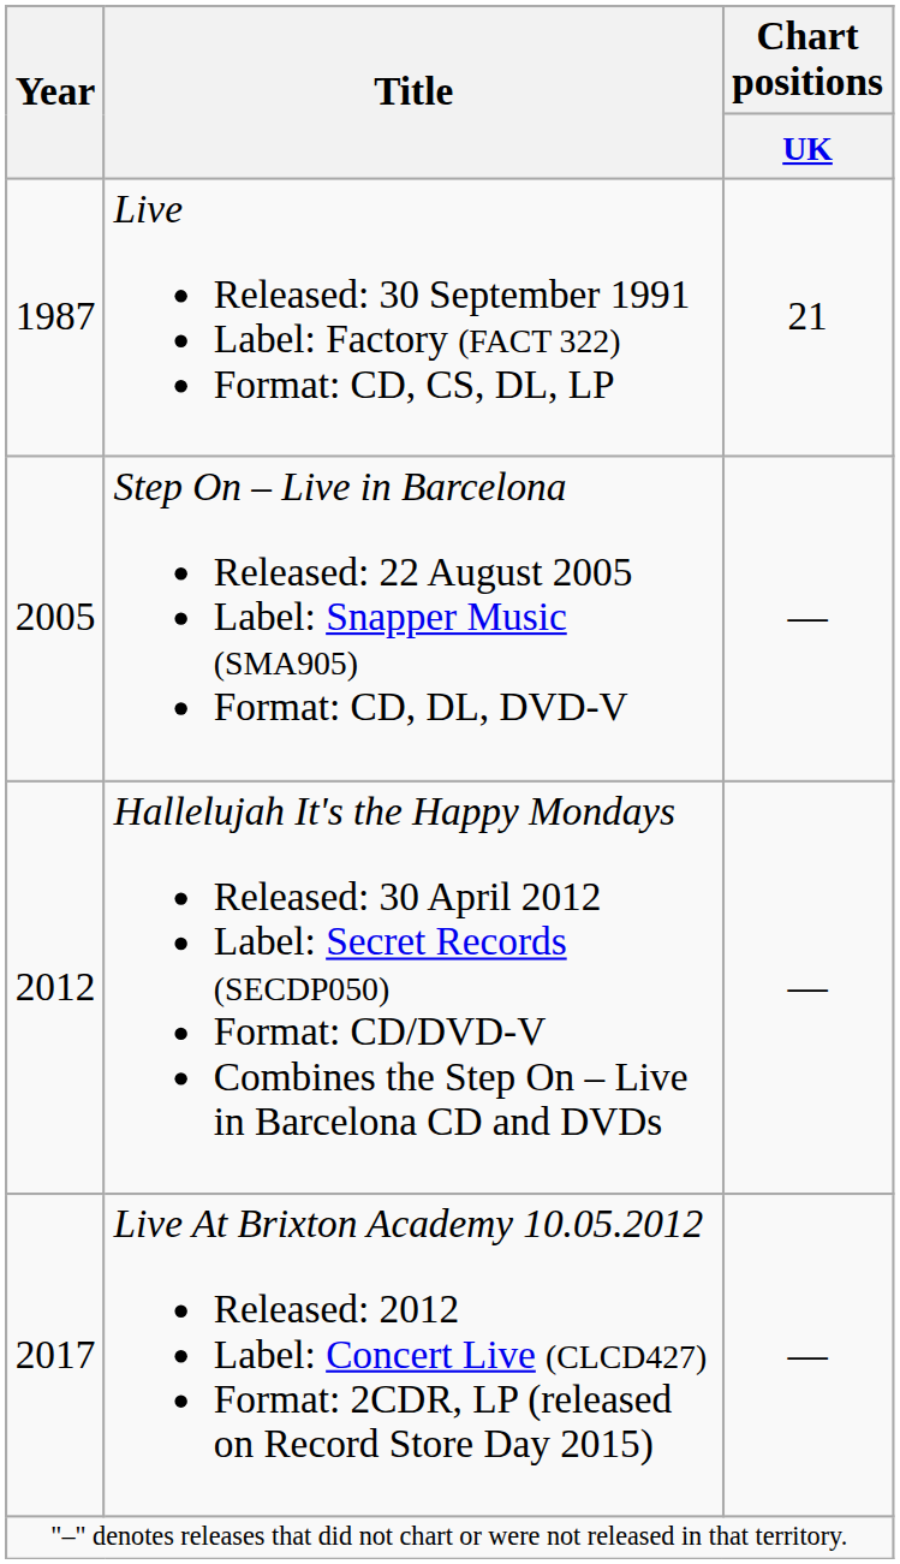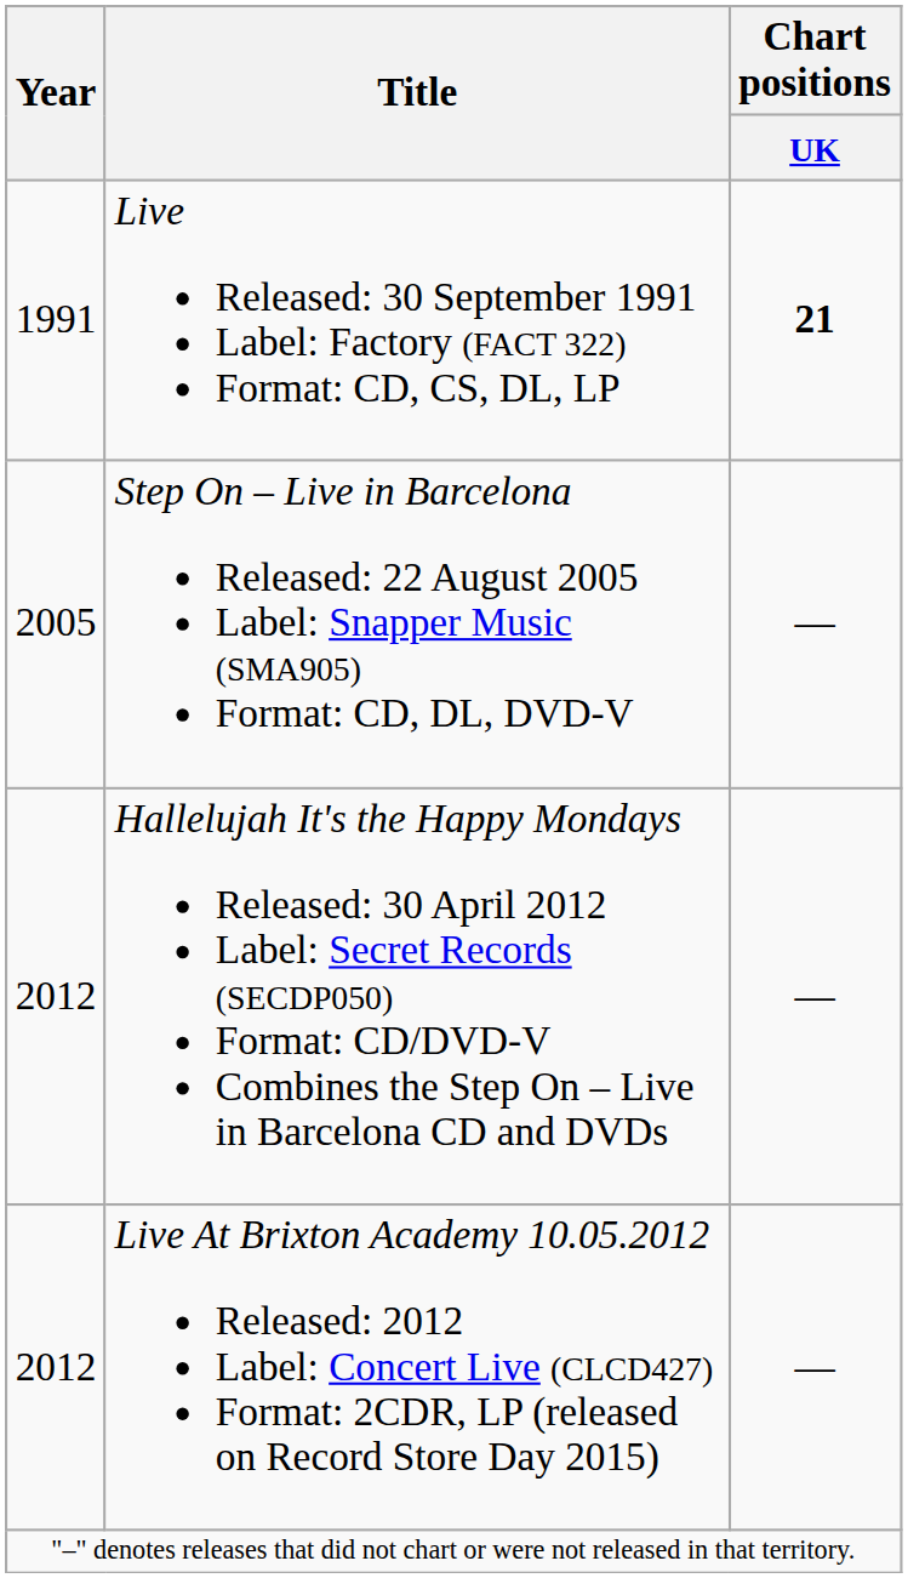 <table class="wikitable" style=text-align:center;>
 <tr>
 <th rowspan="2">Year</th>
 <th scope="col" rowspan="2" style="width:15em;">Title</th>
 <th colspan="1">Chart positions</th>
 </tr>
 <tr>
 <th width="35"><small><a href='#'>UK</a></small></th>
 </tr>
 <tr>
-<td>1987</td>
+<td>1991</td>
 <td align="left"><em>Live</em><br><ul><li>Released: 30 September 1991</li><li>Label: Factory <small>(FACT 322)</small></li><li>Format: CD, CS, DL, LP</li></ul></td>
-<td>21</td>
+<td><strong>21</strong></td>
 </tr>
 <tr>
 <td>2005</td>
 <td align="left"><em>Step On – Live in Barcelona</em><br><ul><li>Released: 22 August 2005</li><li>Label: <a href='#'>Snapper Music</a> <small>(SMA905)</small></li><li>Format: CD, DL, DVD-V</li></ul></td>
 <td>—</td>
 </tr>
 <tr>
 <td>2012</td>
 <td align="left"><em>Hallelujah It's the Happy Mondays</em><br><ul><li>Released: 30 April 2012</li><li>Label: <a href='#'>Secret Records</a> <small>(SECDP050)</small></li><li>Format: CD/DVD-V</li><li>Combines the Step On – Live in Barcelona CD and DVDs</li></ul></td>
 <td>—</td>
 </tr>
 <tr>
-<td>2017</td>
+<td>2012</td>
 <td align="left"><em>Live At Brixton Academy 10.05.2012</em><br><ul><li>Released: 2012</li><li>Label: <a href='#'>Concert Live</a> <small>(CLCD427)</small></li><li>Format: 2CDR, LP (released on Record Store Day 2015)</li></ul></td>
 <td>—</td>
 </tr>
 <tr>
 <td colspan="4" style="font-size: 8pt">"–" denotes releases that did not chart or were not released in that territory.</td>
 </tr>
 </table>
